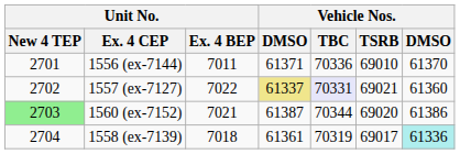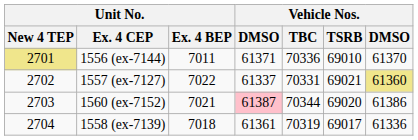 <table class="wikitable">
 <tr>
 <th colspan=3>Unit No.</th>
 <th colspan=4>Vehicle Nos.</th>
 </tr>
 <tr>
 <th>New 4 TEP</th>
 <th>Ex. 4 CEP</th>
 <th>Ex. 4 BEP</th>
 <th>DMSO</th>
 <th>TBC</th>
 <th>TSRB</th>
 <th>DMSO</th>
 </tr>
 <tr>
-<td align=center>2701</td>
+<td align=center style="background: khaki;">2701</td>
 <td align=center>1556 (ex-7144)</td>
 <td align=center>7011</td>
 <td align=center>61371</td>
 <td align=center>70336</td>
 <td align=center>69010</td>
 <td align=center>61370</td>
 </tr>
 <tr>
 <td align=center>2702</td>
 <td align=center>1557 (ex-7127)</td>
 <td align=center>7022</td>
-<td align=center style="background: khaki;">61337</td>
-<td align=center style="background: lavender;">70331</td>
+<td align=center>61337</td>
+<td align=center>70331</td>
 <td align=center>69021</td>
-<td align=center>61360</td>
+<td align=center style="background: khaki;">61360</td>
 </tr>
 <tr>
-<td align=center style="background: lightgreen;">2703</td>
+<td align=center>2703</td>
 <td align=center>1560 (ex-7152)</td>
 <td align=center>7021</td>
-<td align=center>61387</td>
+<td align=center style="background: pink;">61387</td>
 <td align=center>70344</td>
 <td align=center>69020</td>
 <td align=center>61386</td>
 </tr>
 <tr>
 <td align=center>2704</td>
 <td align=center>1558 (ex-7139)</td>
 <td align=center>7018</td>
 <td align=center>61361</td>
 <td align=center>70319</td>
 <td align=center>69017</td>
-<td align=center style="background: paleturquoise;">61336</td>
+<td align=center>61336</td>
 </tr>
 </table>
